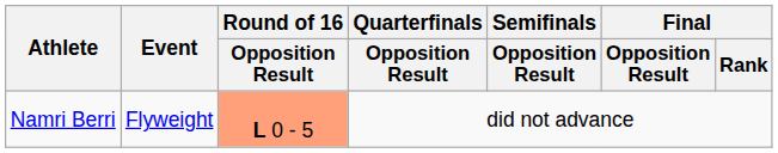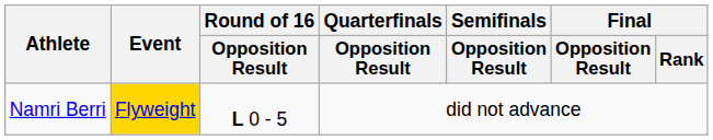 <table class="wikitable" style="font-size:90%; text-align:center">
 <tr>
 <th rowspan=2>Athlete</th>
 <th rowspan=2>Event</th>
 <th>Round of 16</th>
 <th>Quarterfinals</th>
 <th>Semifinals</th>
 <th colspan=2>Final</th>
 </tr>
 <tr style="font-size:95%">
 <th>Opposition<br>Result</th>
 <th>Opposition<br>Result</th>
 <th>Opposition<br>Result</th>
 <th>Opposition<br>Result</th>
 <th>Rank</th>
 </tr>
 <tr>
 <td align=left><a href='#'>Namri Berri</a></td>
-<td align=left><a href='#'>Flyweight</a></td>
-<td style="background: lightsalmon;"><br><strong>L</strong> 0 - 5</td>
+<td align=left style="background: gold;"><a href='#'>Flyweight</a></td>
+<td><br><strong>L</strong> 0 - 5</td>
 <td colspan=4>did not advance</td>
 </tr>
 </table>
